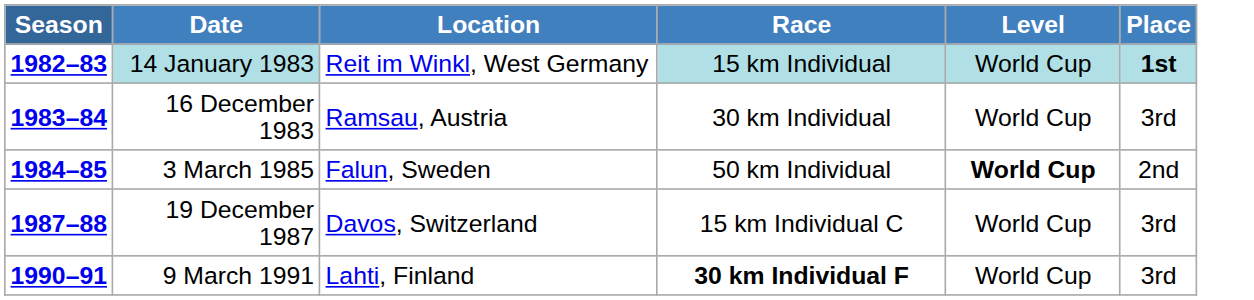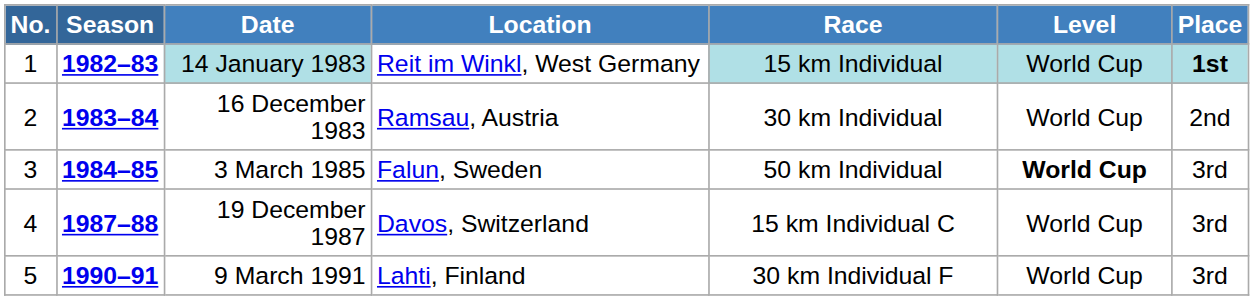 <table class="wikitable sortable" style="font-size:95%; text-align:center; border:grey solid 1px; border-collapse:collapse; background:#ffffff;">
 <tr style="background:#efefef;">
+<th style="background-color:#369; color:white;">No.</th>
 <th style="background-color:#369; color:white;">Season</th>
 <th style="background-color:#4180be; color:white; width:120px;">Date</th>
 <th style="background-color:#4180be; color:white; width:200px;">Location</th>
 <th style="background-color:#4180be; color:white; width:170px;">Race</th>
 <th style="background-color:#4180be; color:white; width:100px;">Level</th>
 <th style="background-color:#4180be; color:white;">Place</th>
 </tr>
 <tr>
+<td align=center>1</td>
 <td rowspan=1 align=center><strong><a href='#'>1982–83</a></strong></td>
 <td bgcolor="#BOEOE6" align=right>14 January 1983</td>
 <td align=left> <a href='#'>Reit im Winkl</a>, West Germany</td>
 <td bgcolor="#BOEOE6">15 km Individual</td>
 <td bgcolor="#BOEOE6">World Cup</td>
 <td bgcolor="#BOEOE6"><strong>1st</strong></td>
 </tr>
 <tr>
+<td align=center>2</td>
 <td rowspan=1 align=center><strong><a href='#'>1983–84</a></strong></td>
 <td align=right>16 December 1983</td>
 <td align=left> <a href='#'>Ramsau</a>, Austria</td>
 <td>30 km Individual</td>
 <td>World Cup</td>
-<td>3rd</td>
+<td>2nd</td>
 </tr>
 <tr>
+<td align=center>3</td>
 <td rowspan=1 align=center><strong><a href='#'>1984–85</a></strong></td>
 <td align=right>3 March 1985</td>
 <td align=left> <a href='#'>Falun</a>, Sweden</td>
 <td>50 km Individual</td>
 <td><strong>World Cup</strong></td>
-<td>2nd</td>
+<td>3rd</td>
 </tr>
 <tr>
+<td align=center>4</td>
 <td rowspan=1 align=center><strong><a href='#'>1987–88</a></strong></td>
 <td align=right>19 December 1987</td>
 <td align=left> <a href='#'>Davos</a>, Switzerland</td>
 <td>15 km Individual C</td>
 <td>World Cup</td>
 <td>3rd</td>
 </tr>
 <tr>
+<td align=center>5</td>
 <td rowspan=1 align=center><strong><a href='#'>1990–91</a></strong></td>
 <td align=right>9 March 1991</td>
 <td align=left> <a href='#'>Lahti</a>, Finland</td>
-<td><strong>30 km Individual F</strong></td>
+<td>30 km Individual F</td>
 <td>World Cup</td>
 <td>3rd</td>
 </tr>
 </table>
